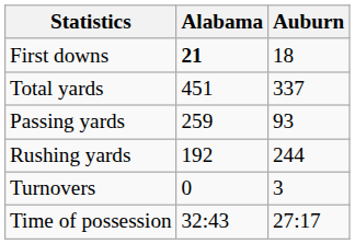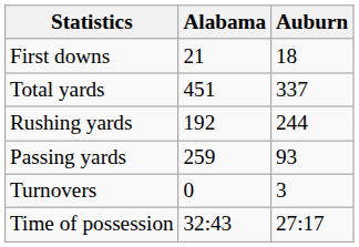 <table class="wikitable" style="float: left;">
 <tr>
 <th>Statistics</th>
 <th>Alabama</th>
 <th>Auburn</th>
 </tr>
 <tr>
 <td>First downs</td>
-<td><strong>21</strong></td>
+<td>21</td>
 <td>18</td>
 </tr>
 <tr>
 <td>Total yards</td>
 <td>451</td>
 <td>337</td>
 </tr>
 <tr>
+<td>Rushing yards</td>
+<td>192</td>
+<td>244</td>
+</tr>
+<tr>
 <td>Passing yards</td>
 <td>259</td>
 <td>93</td>
-</tr>
-<tr>
-<td>Rushing yards</td>
-<td>192</td>
-<td>244</td>
 </tr>
 <tr>
 <td>Turnovers</td>
 <td>0</td>
 <td>3</td>
 </tr>
 <tr>
 <td>Time of possession</td>
 <td>32:43</td>
 <td>27:17</td>
 </tr>
 </table>
